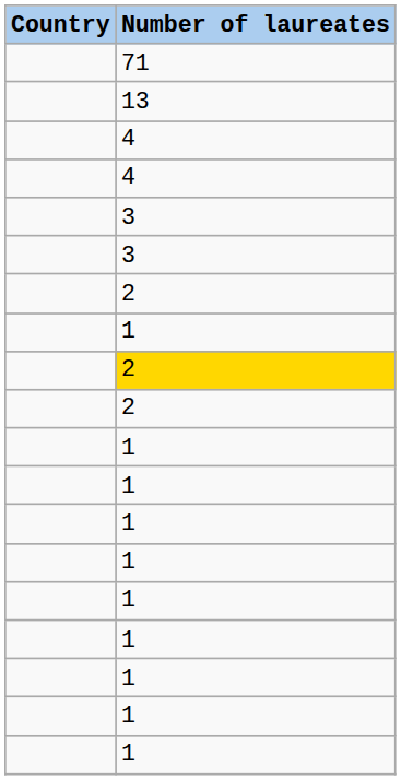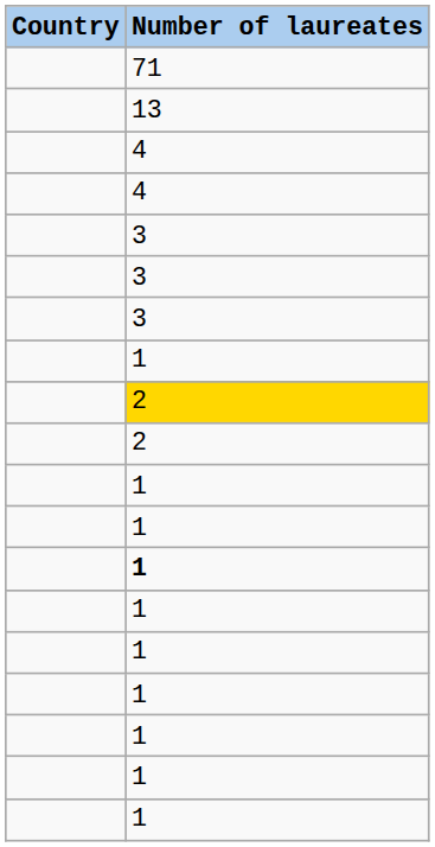 <table class="wikitable sortable" style="text-align:left;">
 <tr>
 <th align="center" style="background-color:#ABCDEF">Country</th>
 <th align="center" style="background-color:#ABCDEF">Number of laureates</th>
 </tr>
 <tr>
 <td align="left"></td>
 <td>71</td>
 </tr>
 <tr>
 <td align="left"></td>
 <td>13</td>
 </tr>
 <tr>
 <td align="left"></td>
 <td>4</td>
 </tr>
 <tr>
 <td align="left"></td>
 <td>4</td>
 </tr>
 <tr>
 <td align="left"></td>
 <td>3</td>
 </tr>
 <tr>
 <td align="left"></td>
 <td>3</td>
 </tr>
 <tr>
 <td align="left"></td>
-<td>2</td>
+<td>3</td>
 </tr>
 <tr>
 <td align="left"></td>
 <td>1</td>
 </tr>
 <tr>
 <td align="left"></td>
 <td style="background: gold;">2</td>
 </tr>
 <tr>
 <td align="left"></td>
 <td>2</td>
 </tr>
 <tr>
 <td align="left"></td>
 <td>1</td>
 </tr>
 <tr>
 <td align="left"></td>
 <td>1</td>
 </tr>
 <tr>
 <td align="left"></td>
-<td>1</td>
+<td><strong>1</strong></td>
 </tr>
 <tr>
 <td align="left"></td>
 <td>1</td>
 </tr>
 <tr>
 <td align="left"></td>
 <td>1</td>
 </tr>
 <tr>
 <td align="left"></td>
 <td>1</td>
 </tr>
 <tr>
 <td align="left"></td>
 <td>1</td>
 </tr>
 <tr>
 <td align="left"></td>
 <td>1</td>
 </tr>
 <tr>
 <td align="left"></td>
 <td>1</td>
 </tr>
 </table>
